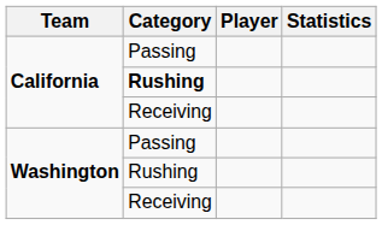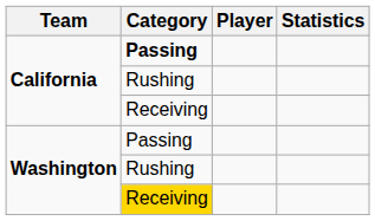 <table class="wikitable" style="float: right;">
 <tr>
 <th>Team</th>
 <th>Category</th>
 <th>Player</th>
 <th>Statistics</th>
 </tr>
 <tr>
 <td rowspan=3><strong>California</strong></td>
-<td>Passing</td>
+<td><strong>Passing</strong></td>
 <td></td>
 <td></td>
 </tr>
 <tr>
-<td><strong>Rushing</strong></td>
+<td>Rushing</td>
 <td></td>
 <td></td>
 </tr>
 <tr>
 <td>Receiving</td>
 <td></td>
 <td></td>
 </tr>
 <tr>
 <td rowspan=3><strong>Washington</strong></td>
 <td>Passing</td>
 <td></td>
 <td></td>
 </tr>
 <tr>
 <td>Rushing</td>
 <td></td>
 <td></td>
 </tr>
 <tr>
-<td>Receiving</td>
+<td style="background: gold;">Receiving</td>
 <td></td>
 <td></td>
 </tr>
 </table>
